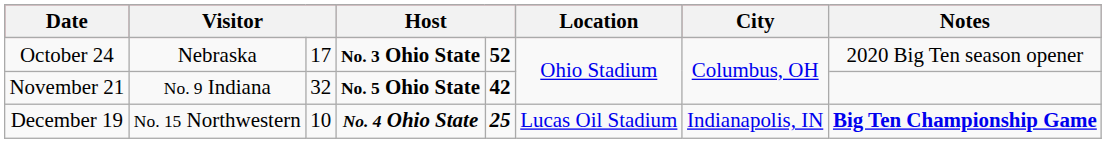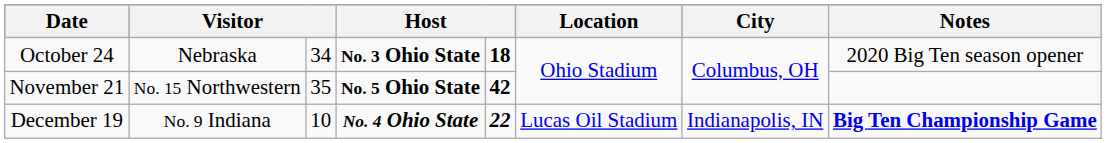 <table class="wikitable" style="text-align:center">
 <tr style="background:#A32638;"|>
 <th>Date</th>
 <th colspan=2>Visitor</th>
 <th colspan=2>Host</th>
 <th>Location</th>
 <th>City</th>
 <th>Notes</th>
 </tr>
 <tr>
 <td>October 24</td>
 <td>Nebraska</td>
-<td>17</td>
+<td>34</td>
 <td><strong><small>No. 3</small> Ohio State</strong></td>
-<td><strong>52</strong></td>
+<td><strong>18</strong></td>
 <td rowspan="2"><a href='#'>Ohio Stadium</a></td>
 <td rowspan="2"><a href='#'>Columbus, OH</a></td>
 <td>2020 Big Ten season opener</td>
 </tr>
 <tr>
 <td>November 21</td>
-<td><small>No. 9</small> Indiana</td>
-<td>32</td>
+<td><small>No. 15</small> Northwestern</td>
+<td>35</td>
 <td><strong><small>No. 5</small> Ohio State</strong></td>
 <td><strong>42</strong></td>
 <td></td>
 </tr>
 <tr>
 <td>December 19</td>
-<td><small>No. 15</small> Northwestern</td>
+<td><small>No. 9</small> Indiana</td>
 <td>10</td>
 <td><strong><em><small>No. 4</small> Ohio State</em></strong></td>
-<td><strong><em>25</em></strong></td>
+<td><strong><em>22</em></strong></td>
 <td><a href='#'>Lucas Oil Stadium</a></td>
 <td><a href='#'>Indianapolis, IN</a></td>
 <td><strong><a href='#'>Big Ten Championship Game</a></strong></td>
 </tr>
 </table>
